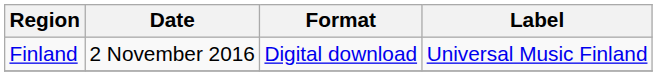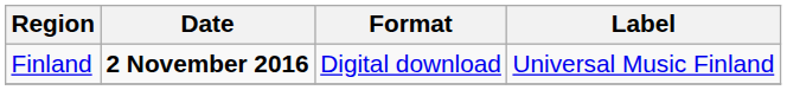 <table class=wikitable>
 <tr>
 <th>Region</th>
 <th>Date</th>
 <th>Format</th>
 <th>Label</th>
 </tr>
 <tr>
 <td><a href='#'>Finland</a></td>
-<td>2 November 2016</td>
+<td><strong>2 November 2016</strong></td>
 <td><a href='#'>Digital download</a></td>
 <td><a href='#'>Universal Music Finland</a></td>
 </tr>
 <tr>
 </tr>
 </table>
